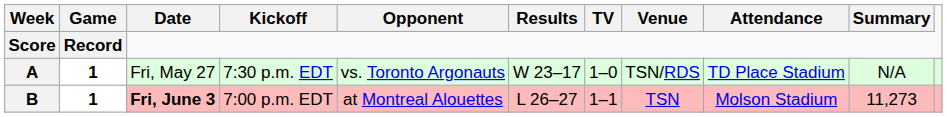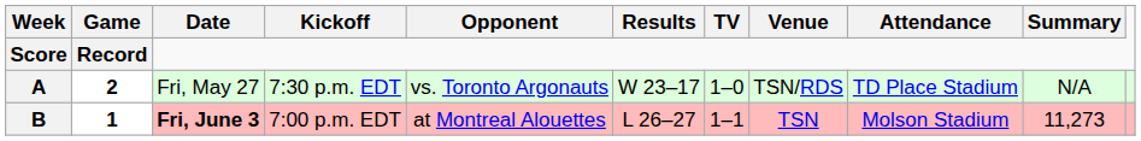 <table class="wikitable" style="font-size: 95%;">
 <tr>
 <th scope="col">Week</th>
 <th scope="col">Game</th>
 <th scope="col">Date</th>
 <th scope="col">Kickoff</th>
 <th scope="col">Opponent</th>
 <th scope="col">Results</th>
 <th scope="col">TV</th>
 <th scope="col">Venue</th>
 <th scope="col">Attendance</th>
 <th scope="col">Summary</th>
 </tr>
 <tr>
 <th scope="col">Score</th>
 <th scope="col">Record</th>
 </tr>
 <tr align="center" bgcolor="#ddffdd">
 <th align="center">A</th>
-<th style="text-align:center; background:white;"><span>1</span></th>
+<th style="text-align:center; background:white;"><span>2</span></th>
 <td align="center">Fri, May 27</td>
 <td align="center">7:30 p.m. <a href='#'>EDT</a></td>
 <td align="center">vs. <a href='#'>Toronto Argonauts</a></td>
 <td align="center">W 23–17</td>
 <td align="center">1–0</td>
 <td align="center">TSN/<a href='#'>RDS</a></td>
 <td align="center"><a href='#'>TD Place Stadium</a></td>
 <td align="center">N/A</td>
 <td align="center"></td>
 </tr>
 <tr align="center" bgcolor="#ffbbbb">
 <th align="center">B</th>
 <th style="text-align:center; background:white;"><span>1</span></th>
 <td align="center"><strong>Fri, June 3</strong></td>
 <td align="center">7:00 p.m. EDT</td>
 <td align="center">at <a href='#'>Montreal Alouettes</a></td>
 <td align="center">L 26–27</td>
 <td align="center">1–1</td>
 <td align="center"><a href='#'>TSN</a></td>
 <td align="center"><a href='#'>Molson Stadium</a></td>
 <td align="center">11,273</td>
 <td align="center"></td>
 </tr>
 </table>
